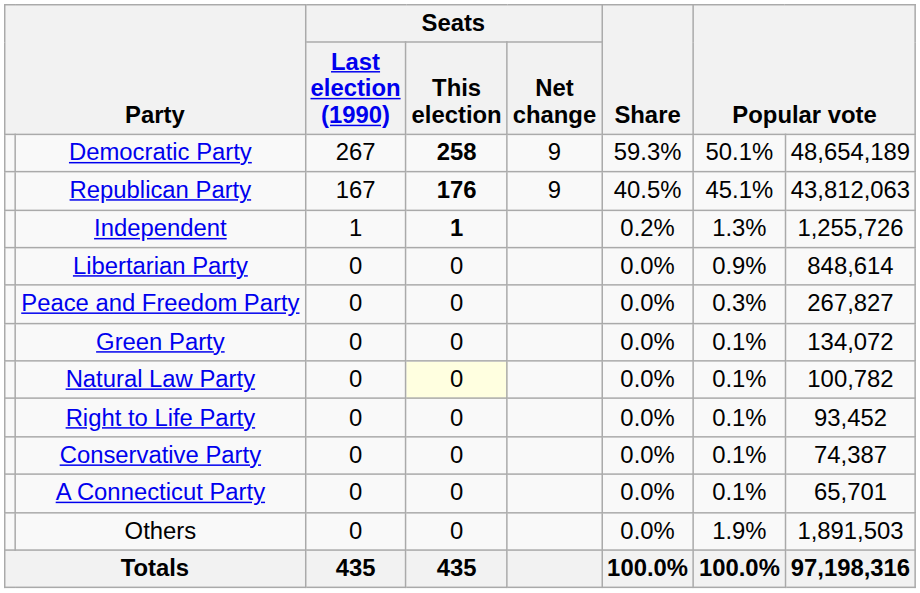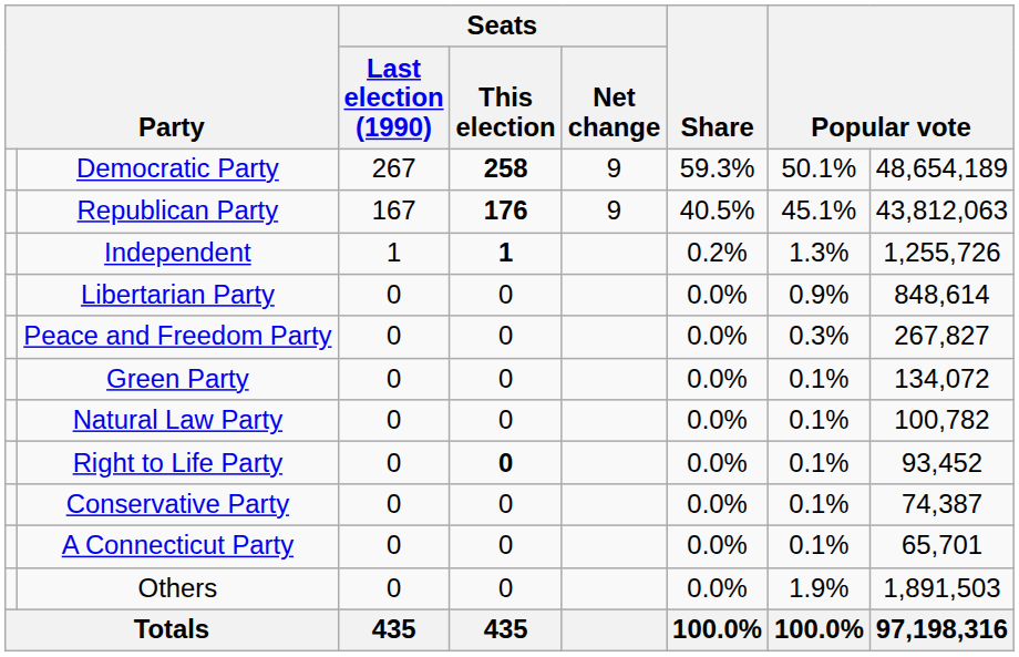 <table class="wikitable sortable" style="text-align:center">
 <tr valign=bottom>
 <th rowspan=2 colspan=2>Party</th>
 <th colspan=3>Seats</th>
 <th rowspan=2>Share</th>
 <th rowspan=2 colspan=2>Popular vote</th>
 </tr>
 <tr valign=bottom>
 <th><a href='#'>Last<br>election<br>(1990)</a></th>
 <th>This<br>election</th>
 <th>Net<br>change</th>
 </tr>
 <tr>
 <td></td>
 <td><a href='#'>Democratic Party</a></td>
 <td>267</td>
 <td><strong>258</strong></td>
 <td> 9</td>
 <td>59.3%</td>
 <td>50.1%</td>
 <td>48,654,189</td>
 </tr>
 <tr>
 <td></td>
 <td><a href='#'>Republican Party</a></td>
 <td>167</td>
 <td><strong>176</strong></td>
 <td> 9</td>
 <td>40.5%</td>
 <td>45.1%</td>
 <td>43,812,063</td>
 </tr>
 <tr>
 <td></td>
 <td><a href='#'>Independent</a></td>
 <td>1</td>
 <td><strong>1</strong></td>
 <td></td>
 <td>0.2%</td>
 <td>1.3%</td>
 <td>1,255,726</td>
 </tr>
 <tr>
 <td></td>
 <td><a href='#'>Libertarian Party</a></td>
 <td>0</td>
 <td>0</td>
 <td></td>
 <td>0.0%</td>
 <td>0.9%</td>
 <td>848,614</td>
 </tr>
 <tr>
 <td></td>
 <td><a href='#'>Peace and Freedom Party</a></td>
 <td>0</td>
 <td>0</td>
 <td></td>
 <td>0.0%</td>
 <td>0.3%</td>
 <td>267,827</td>
 </tr>
 <tr>
 <td></td>
 <td><a href='#'>Green Party</a></td>
 <td>0</td>
 <td>0</td>
 <td></td>
 <td>0.0%</td>
 <td>0.1%</td>
 <td>134,072</td>
 </tr>
 <tr>
 <td></td>
 <td><a href='#'>Natural Law Party</a></td>
 <td>0</td>
-<td style="background: lightyellow;">0</td>
+<td>0</td>
 <td></td>
 <td>0.0%</td>
 <td>0.1%</td>
 <td>100,782</td>
 </tr>
 <tr>
 <td></td>
 <td><a href='#'>Right to Life Party</a></td>
 <td>0</td>
-<td>0</td>
+<td><strong>0</strong></td>
 <td></td>
 <td>0.0%</td>
 <td>0.1%</td>
 <td>93,452</td>
 </tr>
 <tr>
 <td></td>
 <td><a href='#'>Conservative Party</a></td>
 <td>0</td>
 <td>0</td>
 <td></td>
 <td>0.0%</td>
 <td>0.1%</td>
 <td>74,387</td>
 </tr>
 <tr>
 <td></td>
 <td><a href='#'>A Connecticut Party</a></td>
 <td>0</td>
 <td>0</td>
 <td></td>
 <td>0.0%</td>
 <td>0.1%</td>
 <td>65,701</td>
 </tr>
 <tr>
 <td></td>
 <td>Others</td>
 <td>0</td>
 <td>0</td>
 <td></td>
 <td>0.0%</td>
 <td>1.9%</td>
 <td>1,891,503</td>
 </tr>
 <tr>
 <th colspan=2><strong>Totals</strong></th>
 <th>435</th>
 <th>435</th>
 <th></th>
 <th>100.0%</th>
 <th>100.0%</th>
 <th>97,198,316</th>
 </tr>
 </table>
